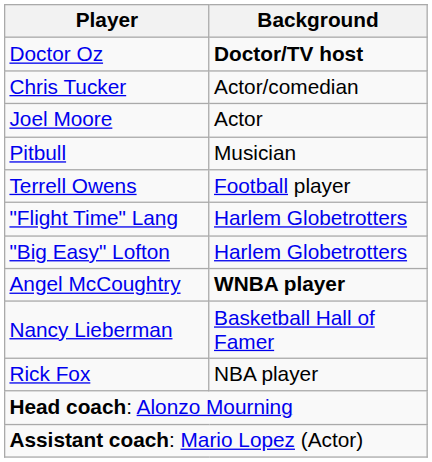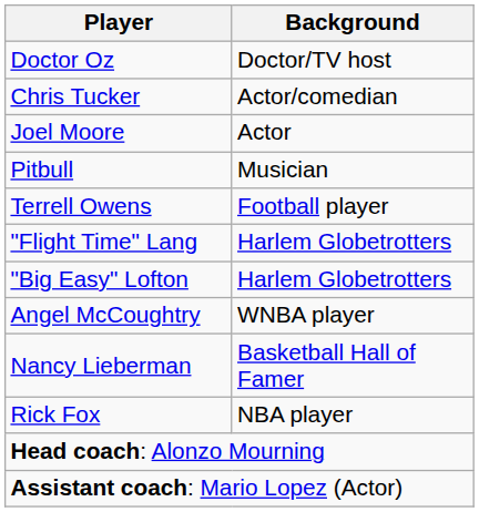 <table class="wikitable">
 <tr>
 <th width=150>Player</th>
 <th width=160>Background</th>
 </tr>
 <tr>
 <td><a href='#'>Doctor Oz</a></td>
-<td><strong>Doctor/TV host</strong></td>
+<td>Doctor/TV host</td>
 </tr>
 <tr>
 <td><a href='#'>Chris Tucker</a></td>
 <td>Actor/comedian</td>
 </tr>
 <tr>
 <td><a href='#'>Joel Moore</a></td>
 <td>Actor</td>
 </tr>
 <tr>
 <td><a href='#'>Pitbull</a></td>
 <td>Musician</td>
 </tr>
 <tr>
 <td><a href='#'>Terrell Owens</a></td>
 <td><a href='#'>Football</a> player</td>
 </tr>
 <tr>
 <td><a href='#'>"Flight Time" Lang</a></td>
 <td><a href='#'>Harlem Globetrotters</a></td>
 </tr>
 <tr>
 <td><a href='#'>"Big Easy" Lofton</a></td>
 <td><a href='#'>Harlem Globetrotters</a></td>
 </tr>
 <tr>
 <td><a href='#'>Angel McCoughtry</a></td>
-<td><strong>WNBA player</strong></td>
+<td>WNBA player</td>
 </tr>
 <tr>
 <td><a href='#'>Nancy Lieberman</a></td>
 <td><a href='#'>Basketball Hall of Famer</a></td>
 </tr>
 <tr>
 <td><a href='#'>Rick Fox</a></td>
 <td>NBA player</td>
 </tr>
 <tr>
 <td colspan="3"><strong>Head coach</strong>: <a href='#'>Alonzo Mourning</a></td>
 </tr>
 <tr>
 <td colspan="3"><strong>Assistant coach</strong>: <a href='#'>Mario Lopez</a> (Actor)</td>
 </tr>
 </table>
